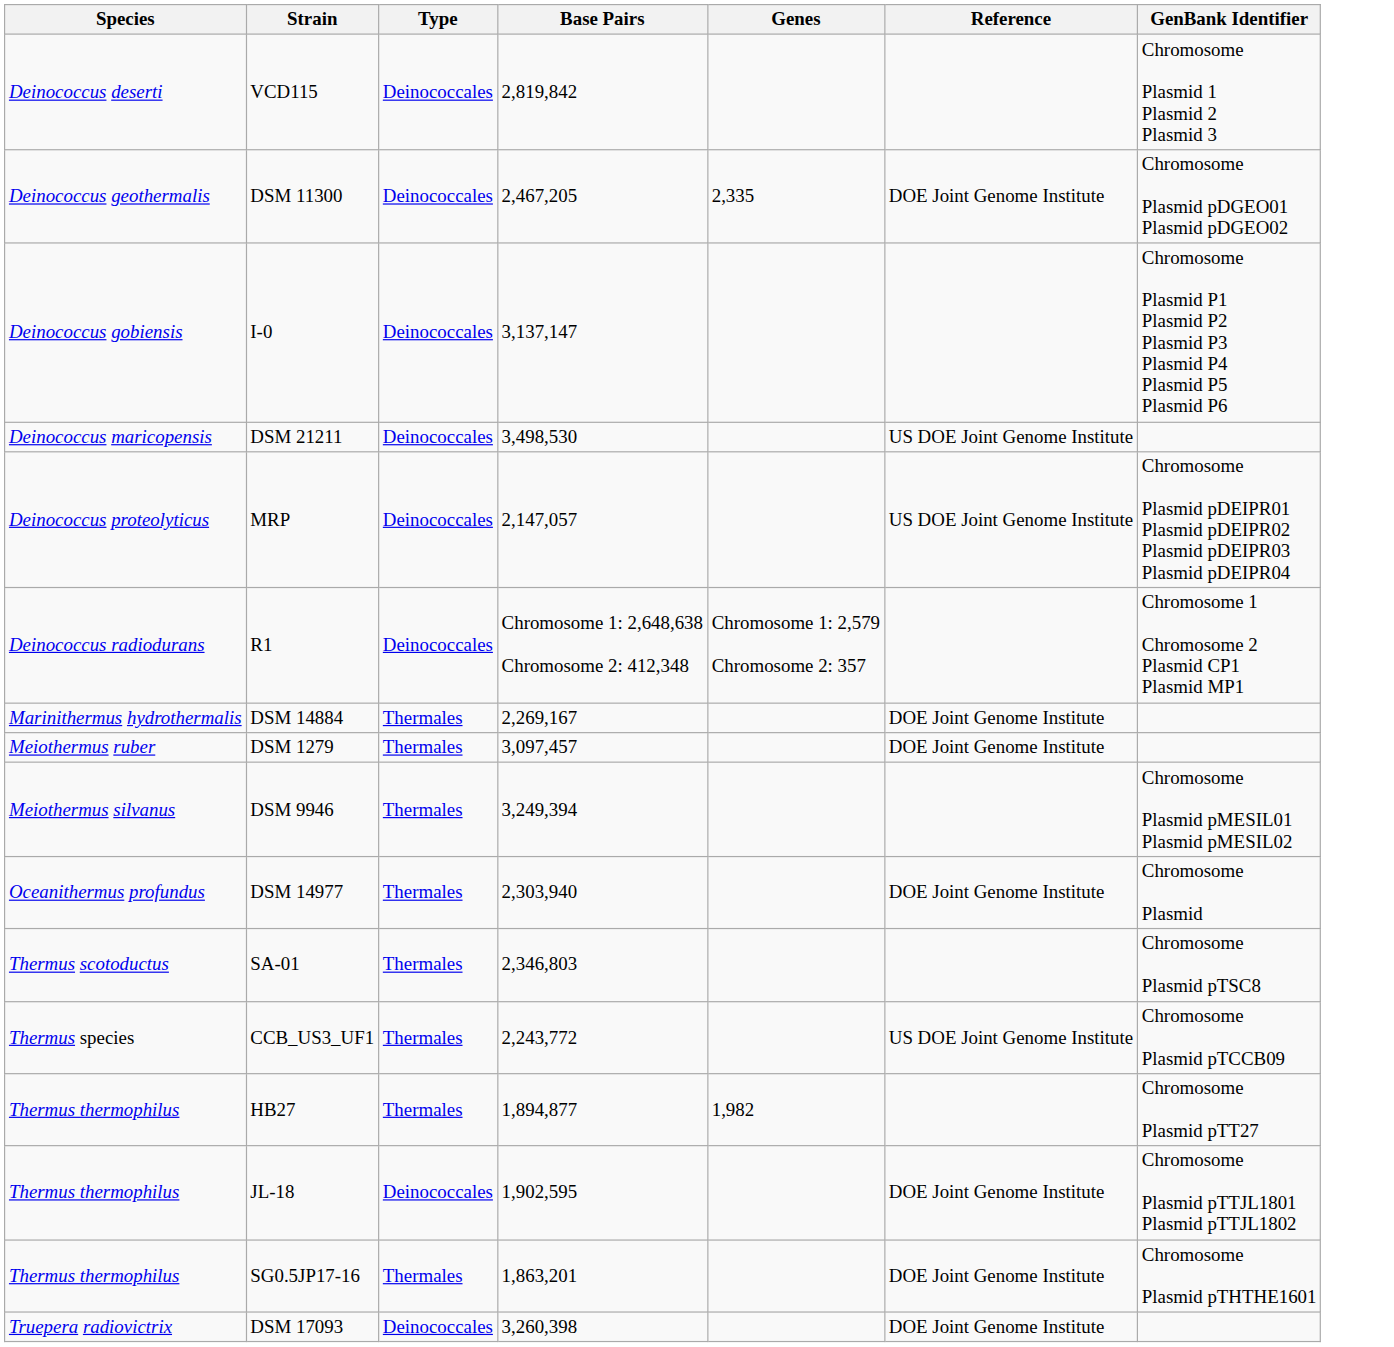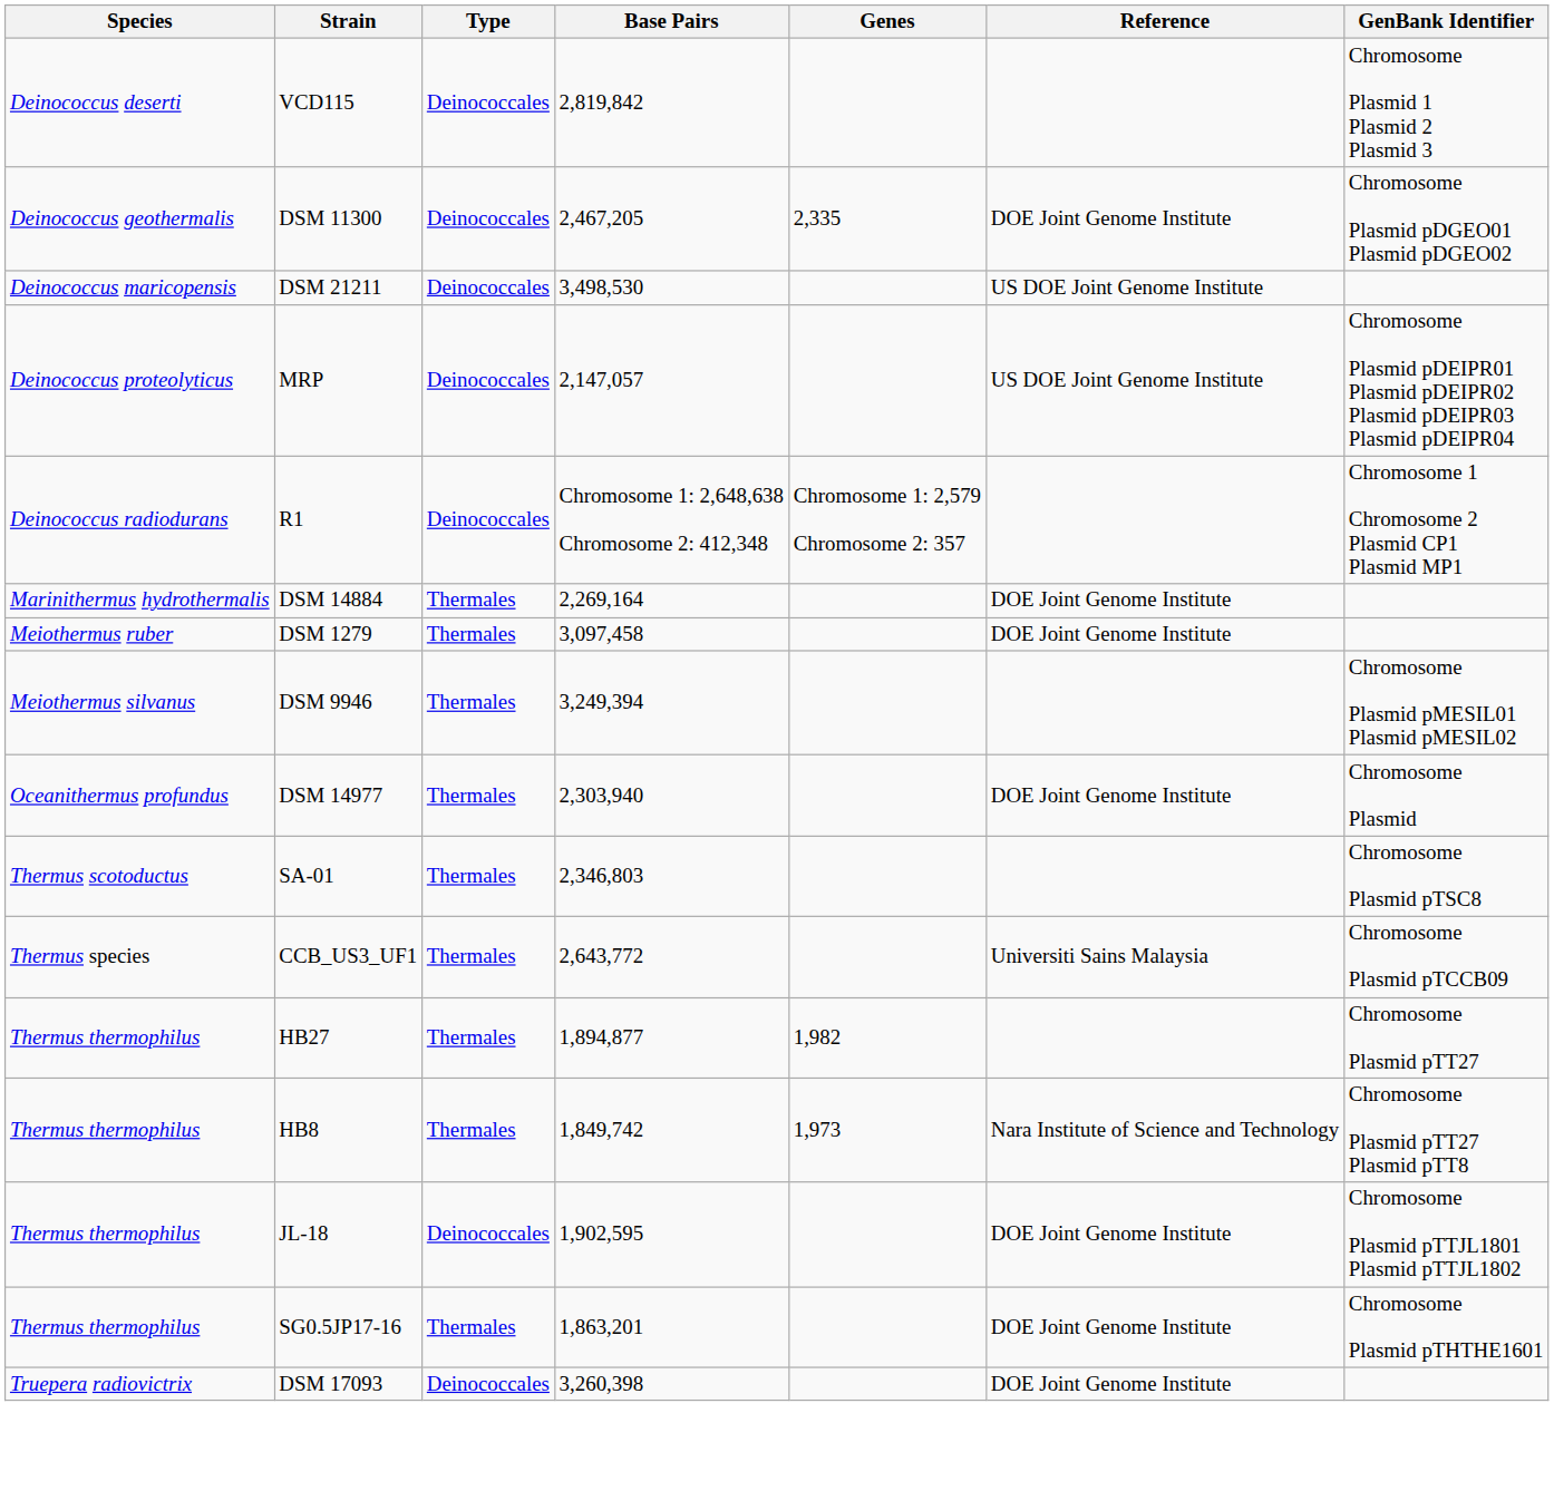 <table class="wikitable sortable">
 <tr>
 <th>Species</th>
 <th>Strain</th>
 <th>Type</th>
 <th>Base Pairs</th>
 <th>Genes</th>
 <th>Reference</th>
 <th>GenBank Identifier</th>
 </tr>
 <tr>
 <td><em><a href='#'>Deinococcus</a></em> <em><a href='#'>deserti</a></em></td>
 <td>VCD115</td>
 <td><a href='#'>Deinococcales</a></td>
 <td>2,819,842</td>
 <td></td>
 <td></td>
 <td>Chromosome <br><br>Plasmid 1 <br> Plasmid 2 <br> Plasmid 3 </td>
 </tr>
 <tr>
 <td><em><a href='#'>Deinococcus</a></em> <em><a href='#'>geothermalis</a></em></td>
 <td>DSM 11300</td>
 <td><a href='#'>Deinococcales</a></td>
 <td>2,467,205</td>
 <td>2,335</td>
 <td>DOE Joint Genome Institute</td>
 <td>Chromosome <br><br>Plasmid pDGEO01 <br> Plasmid pDGEO02 <br></td>
-</tr>
-<tr>
-<td><em><a href='#'>Deinococcus</a></em> <em><a href='#'>gobiensis</a></em></td>
-<td>I-0</td>
-<td><a href='#'>Deinococcales</a></td>
-<td>3,137,147</td>
-<td></td>
-<td></td>
-<td>Chromosome <br><br>Plasmid P1 <br> Plasmid P2 <br> Plasmid P3 <br> Plasmid P4 <br> Plasmid P5 <br> Plasmid P6 </td>
 </tr>
 <tr>
 <td><em><a href='#'>Deinococcus</a></em> <em><a href='#'>maricopensis</a></em></td>
 <td>DSM 21211</td>
 <td><a href='#'>Deinococcales</a></td>
 <td>3,498,530</td>
 <td></td>
 <td>US DOE Joint Genome Institute</td>
 <td></td>
 </tr>
 <tr>
 <td><em><a href='#'>Deinococcus</a></em> <em><a href='#'>proteolyticus</a></em></td>
 <td>MRP</td>
 <td><a href='#'>Deinococcales</a></td>
 <td>2,147,057</td>
 <td></td>
 <td>US DOE Joint Genome Institute</td>
 <td>Chromosome <br><br>Plasmid pDEIPR01 <br> Plasmid pDEIPR02 <br> Plasmid pDEIPR03 <br> Plasmid pDEIPR04 </td>
 </tr>
 <tr>
 <td><em><a href='#'>Deinococcus radiodurans</a></em></td>
 <td>R1</td>
 <td><a href='#'>Deinococcales</a></td>
 <td>Chromosome 1: 2,648,638<br><br>Chromosome 2: 412,348</td>
 <td>Chromosome 1: 2,579<br><br>Chromosome 2: 357</td>
 <td></td>
 <td>Chromosome 1 <br><br>Chromosome 2 <br> Plasmid CP1 <br> Plasmid MP1 </td>
 </tr>
 <tr>
 <td><em><a href='#'>Marinithermus</a></em> <em><a href='#'>hydrothermalis</a></em></td>
 <td>DSM 14884</td>
 <td><a href='#'>Thermales</a></td>
-<td>2,269,167</td>
+<td>2,269,164</td>
 <td></td>
 <td>DOE Joint Genome Institute</td>
 <td></td>
 </tr>
 <tr>
 <td><em><a href='#'>Meiothermus</a></em> <em><a href='#'>ruber</a></em></td>
 <td>DSM 1279</td>
 <td><a href='#'>Thermales</a></td>
-<td>3,097,457</td>
+<td>3,097,458</td>
 <td></td>
 <td>DOE Joint Genome Institute</td>
 <td></td>
 </tr>
 <tr>
 <td><em><a href='#'>Meiothermus</a></em> <em><a href='#'>silvanus</a></em></td>
 <td>DSM 9946</td>
 <td><a href='#'>Thermales</a></td>
 <td>3,249,394</td>
 <td></td>
 <td></td>
 <td>Chromosome <br><br>Plasmid pMESIL01 <br> Plasmid pMESIL02 </td>
 </tr>
 <tr>
 <td><em><a href='#'>Oceanithermus</a></em> <em><a href='#'>profundus</a></em></td>
 <td>DSM 14977</td>
 <td><a href='#'>Thermales</a></td>
 <td>2,303,940</td>
 <td></td>
 <td>DOE Joint Genome Institute</td>
 <td>Chromosome <br><br>Plasmid </td>
 </tr>
 <tr>
 <td><em><a href='#'>Thermus</a></em> <em><a href='#'>scotoductus</a></em></td>
 <td>SA-01</td>
 <td><a href='#'>Thermales</a></td>
 <td>2,346,803</td>
 <td></td>
 <td></td>
 <td>Chromosome <br><br>Plasmid pTSC8 </td>
 </tr>
 <tr>
 <td><em><a href='#'>Thermus</a></em> species</td>
 <td>CCB_US3_UF1</td>
 <td><a href='#'>Thermales</a></td>
-<td>2,243,772</td>
+<td>2,643,772</td>
 <td></td>
-<td>US DOE Joint Genome Institute</td>
+<td>Universiti Sains Malaysia</td>
 <td>Chromosome <br><br>Plasmid pTCCB09 </td>
 </tr>
 <tr>
 <td><em><a href='#'>Thermus thermophilus</a></em></td>
 <td>HB27</td>
 <td><a href='#'>Thermales</a></td>
 <td>1,894,877</td>
 <td>1,982</td>
 <td></td>
 <td>Chromosome <br><br>Plasmid pTT27 </td>
+</tr>
+<tr>
+<td><em><a href='#'>Thermus thermophilus</a></em></td>
+<td>HB8</td>
+<td><a href='#'>Thermales</a></td>
+<td>1,849,742</td>
+<td>1,973</td>
+<td>Nara Institute of Science and Technology</td>
+<td>Chromosome <br><br>Plasmid pTT27 <br> Plasmid pTT8 </td>
 </tr>
 <tr>
 <td><em><a href='#'>Thermus thermophilus</a></em></td>
 <td>JL-18</td>
 <td><a href='#'>Deinococcales</a></td>
 <td>1,902,595</td>
 <td></td>
 <td>DOE Joint Genome Institute</td>
 <td>Chromosome <br><br>Plasmid pTTJL1801 <br> Plasmid pTTJL1802 </td>
 </tr>
 <tr>
 <td><em><a href='#'>Thermus thermophilus</a></em></td>
 <td>SG0.5JP17-16</td>
 <td><a href='#'>Thermales</a></td>
 <td>1,863,201</td>
 <td></td>
 <td>DOE Joint Genome Institute</td>
 <td>Chromosome <br><br>Plasmid pTHTHE1601 </td>
 </tr>
 <tr>
 <td><em><a href='#'>Truepera</a></em> <em><a href='#'>radiovictrix</a></em></td>
 <td>DSM 17093</td>
 <td><a href='#'>Deinococcales</a></td>
 <td>3,260,398</td>
 <td></td>
 <td>DOE Joint Genome Institute</td>
 <td></td>
 </tr>
 </table>
